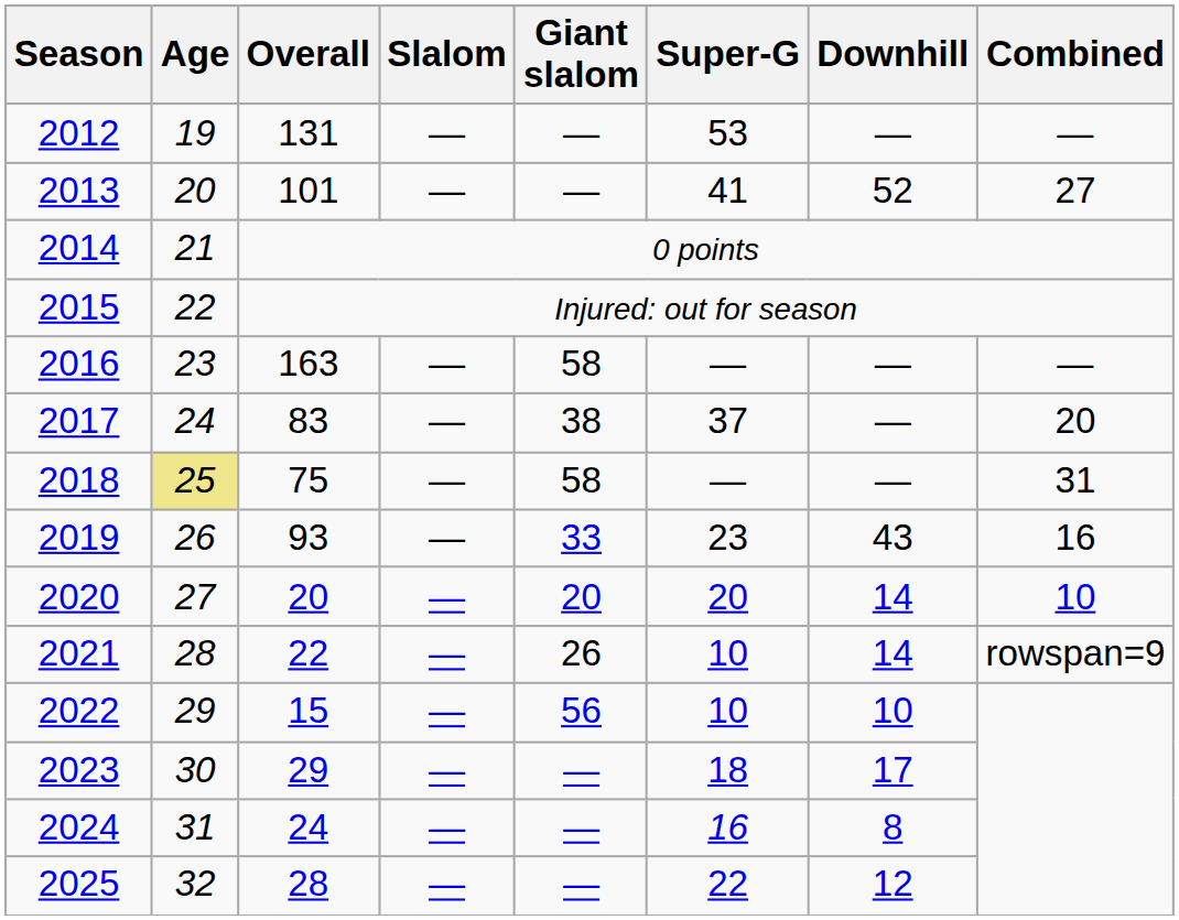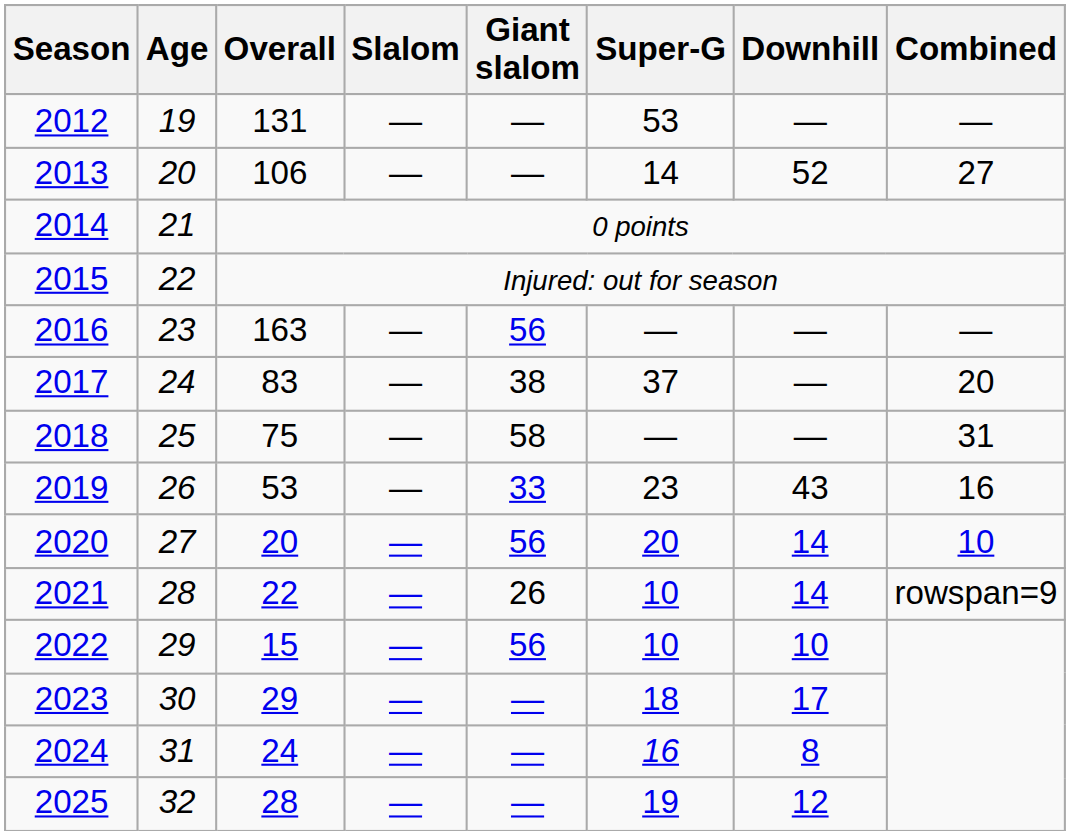 <table class=wikitable style="text-align:center">
 <tr>
 <th>Season</th>
 <th>Age</th>
 <th>Overall</th>
 <th>Slalom</th>
 <th>Giant<br>slalom</th>
 <th>Super-G</th>
 <th>Downhill</th>
 <th>Combined</th>
 </tr>
 <tr>
 <td><a href='#'>2012</a></td>
 <td><em>19</em></td>
 <td>131</td>
 <td>—</td>
 <td>—</td>
 <td>53</td>
 <td>—</td>
 <td>—</td>
 </tr>
 <tr>
 <td><a href='#'>2013</a></td>
 <td><em>20</em></td>
-<td>101</td>
+<td>106</td>
 <td>—</td>
 <td>—</td>
-<td>41</td>
+<td>14</td>
 <td>52</td>
 <td>27</td>
 </tr>
 <tr>
 <td><a href='#'>2014</a></td>
 <td><em>21</em></td>
 <td colspan=6><em><small>0 points</small></em></td>
 </tr>
 <tr>
 <td><a href='#'>2015</a></td>
 <td><em>22</em></td>
 <td colspan=6><em><small>Injured: out for season</small></em></td>
 </tr>
 <tr>
 <td><a href='#'>2016</a></td>
 <td><em>23</em></td>
 <td>163</td>
 <td>—</td>
-<td>58</td>
+<td><a href='#'>56</a></td>
 <td>—</td>
 <td>—</td>
 <td>—</td>
 </tr>
 <tr>
 <td><a href='#'>2017</a></td>
 <td><em>24</em></td>
 <td>83</td>
 <td>—</td>
 <td>38</td>
 <td>37</td>
 <td>—</td>
 <td>20</td>
 </tr>
 <tr>
 <td><a href='#'>2018</a></td>
-<td style="background: khaki;"><em>25</em></td>
+<td><em>25</em></td>
 <td>75</td>
 <td>—</td>
 <td>58</td>
 <td>—</td>
 <td>—</td>
 <td>31</td>
 </tr>
 <tr>
 <td><a href='#'>2019</a></td>
 <td><em>26</em></td>
-<td>93</td>
+<td>53</td>
 <td>—</td>
 <td><a href='#'>33</a></td>
 <td>23</td>
 <td>43</td>
 <td>16</td>
 </tr>
 <tr>
 <td><a href='#'>2020</a></td>
 <td><em>27</em></td>
 <td><a href='#'>20</a></td>
 <td><a href='#'>—</a></td>
-<td><a href='#'>20</a></td>
+<td><a href='#'>56</a></td>
 <td><a href='#'>20</a></td>
 <td><a href='#'>14</a></td>
 <td><a href='#'>10</a></td>
 </tr>
 <tr>
 <td><a href='#'>2021</a></td>
 <td><em>28</em></td>
 <td><a href='#'>22</a></td>
 <td><a href='#'>—</a></td>
 <td>26</td>
 <td><a href='#'>10</a></td>
 <td><a href='#'>14</a></td>
 <td>rowspan=9 </td>
 </tr>
 <tr>
 <td><a href='#'>2022</a></td>
 <td><em>29</em></td>
 <td><a href='#'>15</a></td>
 <td><a href='#'>—</a></td>
 <td><a href='#'>56</a></td>
 <td><a href='#'>10</a></td>
 <td><a href='#'>10</a></td>
 </tr>
 <tr>
 <td><a href='#'>2023</a></td>
 <td><em>30</em></td>
 <td><a href='#'>29</a></td>
 <td><a href='#'>—</a></td>
 <td><a href='#'>—</a></td>
 <td><a href='#'>18</a></td>
 <td><a href='#'>17</a></td>
 </tr>
 <tr>
 <td><a href='#'>2024</a></td>
 <td><em>31</em></td>
 <td><a href='#'>24</a></td>
 <td><a href='#'>—</a></td>
 <td><a href='#'>—</a></td>
 <td><em><a href='#'>16</a></em></td>
 <td><a href='#'>8</a></td>
 </tr>
 <tr>
 <td><a href='#'>2025</a></td>
 <td><em>32</em></td>
 <td><a href='#'>28</a></td>
 <td><a href='#'>—</a></td>
 <td><a href='#'>—</a></td>
-<td><a href='#'>22</a></td>
+<td><a href='#'>19</a></td>
 <td><a href='#'>12</a></td>
 </tr>
 </table>
